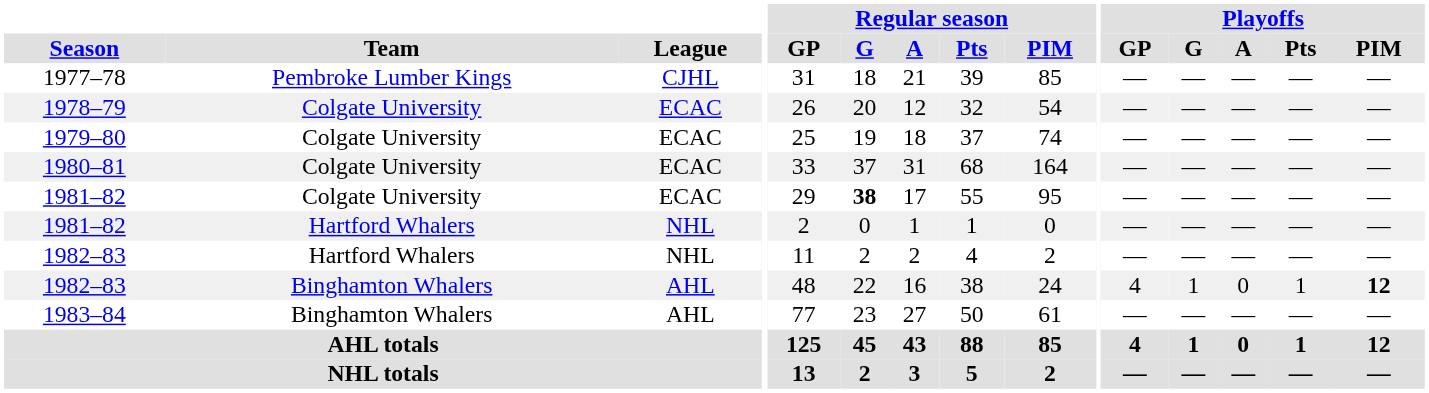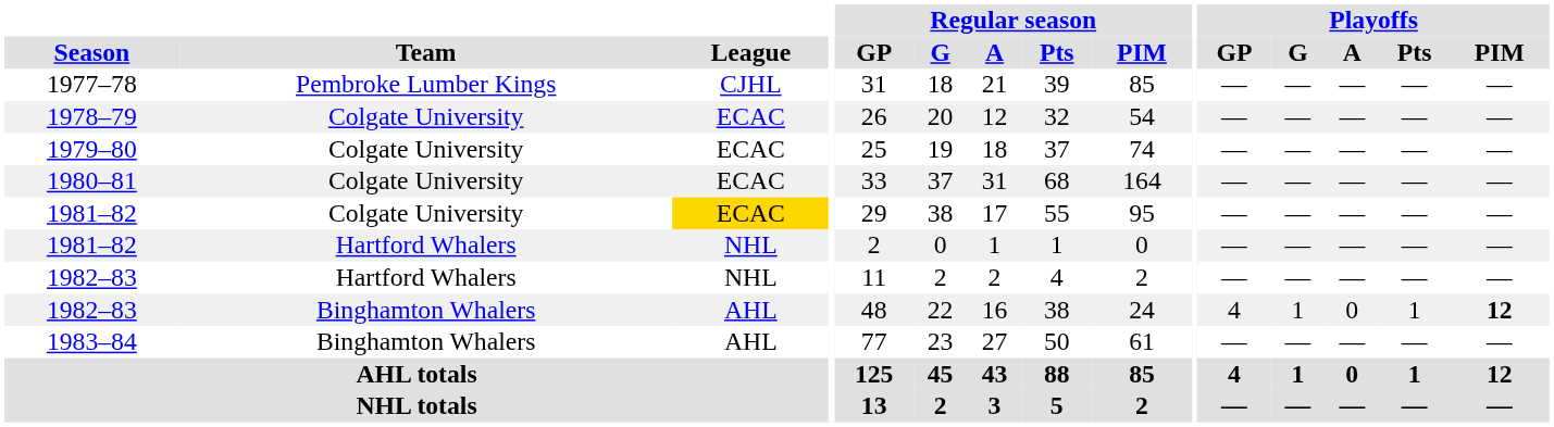 <table border="0" cellpadding="1" cellspacing="0" style="text-align:center; width:60em">
 <tr bgcolor="#e0e0e0">
 <th colspan="3" bgcolor="#ffffff"></th>
 <th rowspan="100" bgcolor="#ffffff"></th>
 <th colspan="5"><a href='#'>Regular season</a></th>
 <th rowspan="100" bgcolor="#ffffff"></th>
 <th colspan="5"><a href='#'>Playoffs</a></th>
 </tr>
 <tr bgcolor="#e0e0e0">
 <th><a href='#'>Season</a></th>
 <th>Team</th>
 <th>League</th>
 <th>GP</th>
 <th><a href='#'>G</a></th>
 <th><a href='#'>A</a></th>
 <th><a href='#'>Pts</a></th>
 <th><a href='#'>PIM</a></th>
 <th>GP</th>
 <th>G</th>
 <th>A</th>
 <th>Pts</th>
 <th>PIM</th>
 </tr>
 <tr>
 <td>1977–78</td>
 <td><a href='#'>Pembroke Lumber Kings</a></td>
 <td><a href='#'>CJHL</a></td>
 <td>31</td>
 <td>18</td>
 <td>21</td>
 <td>39</td>
 <td>85</td>
 <td>—</td>
 <td>—</td>
 <td>—</td>
 <td>—</td>
 <td>—</td>
 </tr>
 <tr bgcolor="#f0f0f0">
 <td><a href='#'>1978–79</a></td>
 <td><a href='#'>Colgate University</a></td>
 <td><a href='#'>ECAC</a></td>
 <td>26</td>
 <td>20</td>
 <td>12</td>
 <td>32</td>
 <td>54</td>
 <td>—</td>
 <td>—</td>
 <td>—</td>
 <td>—</td>
 <td>—</td>
 </tr>
 <tr>
 <td><a href='#'>1979–80</a></td>
 <td>Colgate University</td>
 <td>ECAC</td>
 <td>25</td>
 <td>19</td>
 <td>18</td>
 <td>37</td>
 <td>74</td>
 <td>—</td>
 <td>—</td>
 <td>—</td>
 <td>—</td>
 <td>—</td>
 </tr>
 <tr bgcolor="#f0f0f0">
 <td><a href='#'>1980–81</a></td>
 <td>Colgate University</td>
 <td>ECAC</td>
 <td>33</td>
 <td>37</td>
 <td>31</td>
 <td>68</td>
 <td>164</td>
 <td>—</td>
 <td>—</td>
 <td>—</td>
 <td>—</td>
 <td>—</td>
 </tr>
 <tr>
 <td><a href='#'>1981–82</a></td>
 <td>Colgate University</td>
-<td>ECAC</td>
+<td style="background: gold;">ECAC</td>
 <td>29</td>
-<td><strong>38</strong></td>
+<td>38</td>
 <td>17</td>
 <td>55</td>
 <td>95</td>
 <td>—</td>
 <td>—</td>
 <td>—</td>
 <td>—</td>
 <td>—</td>
 </tr>
 <tr bgcolor="#f0f0f0">
 <td><a href='#'>1981–82</a></td>
 <td><a href='#'>Hartford Whalers</a></td>
 <td><a href='#'>NHL</a></td>
 <td>2</td>
 <td>0</td>
 <td>1</td>
 <td>1</td>
 <td>0</td>
 <td>—</td>
 <td>—</td>
 <td>—</td>
 <td>—</td>
 <td>—</td>
 </tr>
 <tr>
 <td><a href='#'>1982–83</a></td>
 <td>Hartford Whalers</td>
 <td>NHL</td>
 <td>11</td>
 <td>2</td>
 <td>2</td>
 <td>4</td>
 <td>2</td>
 <td>—</td>
 <td>—</td>
 <td>—</td>
 <td>—</td>
 <td>—</td>
 </tr>
 <tr bgcolor="#f0f0f0">
 <td><a href='#'>1982–83</a></td>
 <td><a href='#'>Binghamton Whalers</a></td>
 <td><a href='#'>AHL</a></td>
 <td>48</td>
 <td>22</td>
 <td>16</td>
 <td>38</td>
 <td>24</td>
 <td>4</td>
 <td>1</td>
 <td>0</td>
 <td>1</td>
 <td><strong>12</strong></td>
 </tr>
 <tr>
 <td><a href='#'>1983–84</a></td>
 <td>Binghamton Whalers</td>
 <td>AHL</td>
 <td>77</td>
 <td>23</td>
 <td>27</td>
 <td>50</td>
 <td>61</td>
 <td>—</td>
 <td>—</td>
 <td>—</td>
 <td>—</td>
 <td>—</td>
 </tr>
 <tr bgcolor="#e0e0e0">
 <th colspan="3">AHL totals</th>
 <th>125</th>
 <th>45</th>
 <th>43</th>
 <th>88</th>
 <th>85</th>
 <th>4</th>
 <th>1</th>
 <th>0</th>
 <th>1</th>
 <th>12</th>
 </tr>
 <tr bgcolor="#e0e0e0">
 <th colspan="3">NHL totals</th>
 <th>13</th>
 <th>2</th>
 <th>3</th>
 <th>5</th>
 <th>2</th>
 <th>—</th>
 <th>—</th>
 <th>—</th>
 <th>—</th>
 <th>—</th>
 </tr>
 </table>
